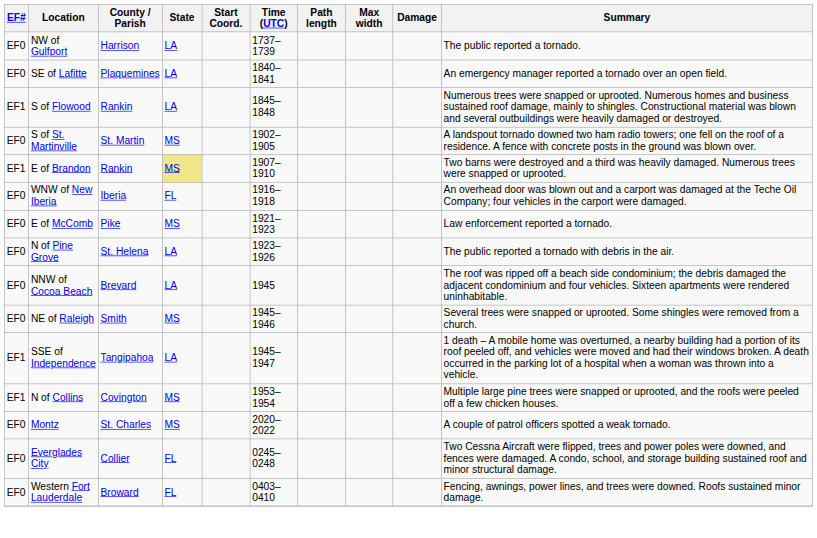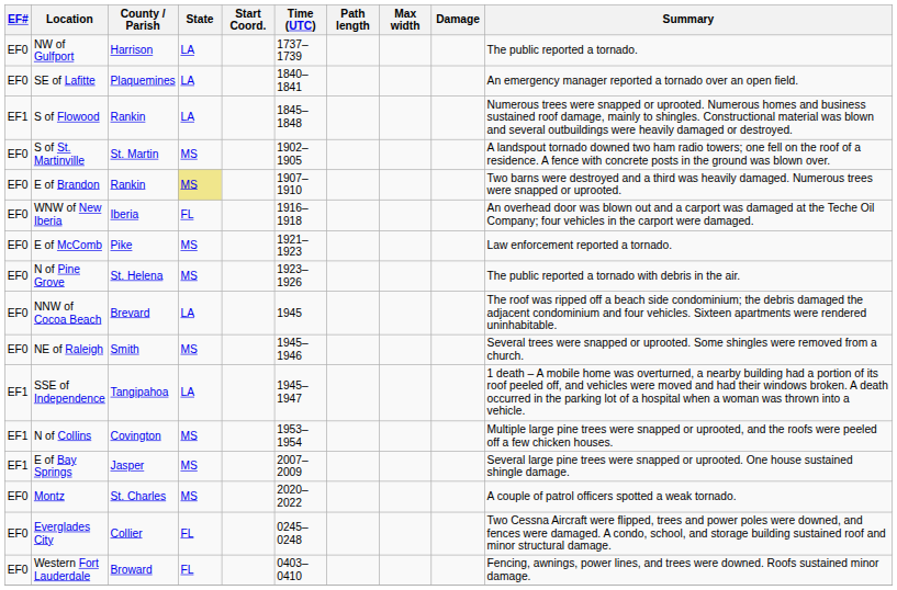 <table class="wikitable sortable" style="width:100%;">
 <tr>
 <th scope="col" width="3%" align="center"><a href='#'>EF#</a></th>
 <th scope="col" width="7%" align="center" class="unsortable">Location</th>
 <th scope="col" width="6%" align="center" class="unsortable">County / Parish</th>
 <th scope="col" width="5%" align="center">State</th>
 <th scope="col" width="6%" align="center">Start Coord.</th>
 <th scope="col" width="6%" align="center">Time (<a href='#'>UTC</a>)</th>
 <th scope="col" width="6%" align="center">Path length</th>
 <th scope="col" width="6%" align="center">Max width</th>
 <th scope="col" width="6%" align="center">Damage</th>
 <th scope="col" width="48%" class="unsortable" align="center">Summary</th>
 </tr>
 <tr>
 <td>EF0</td>
 <td>NW of <a href='#'>Gulfport</a></td>
 <td><a href='#'>Harrison</a></td>
 <td><a href='#'>LA</a></td>
 <td></td>
 <td>1737–1739</td>
 <td></td>
 <td></td>
 <td></td>
 <td>The public reported a tornado.</td>
 </tr>
 <tr>
 <td>EF0</td>
 <td>SE of <a href='#'>Lafitte</a></td>
 <td><a href='#'>Plaquemines</a></td>
 <td><a href='#'>LA</a></td>
 <td></td>
 <td>1840–1841</td>
 <td></td>
 <td></td>
 <td></td>
 <td>An emergency manager reported a tornado over an open field.</td>
 </tr>
 <tr>
 <td>EF1</td>
 <td>S of <a href='#'>Flowood</a></td>
 <td><a href='#'>Rankin</a></td>
 <td><a href='#'>LA</a></td>
 <td></td>
 <td>1845–1848</td>
 <td></td>
 <td></td>
 <td></td>
 <td>Numerous trees were snapped or uprooted. Numerous homes and business sustained roof damage, mainly to shingles. Constructional material was blown and several outbuildings were heavily damaged or destroyed.</td>
 </tr>
 <tr>
 <td>EF0</td>
 <td>S of <a href='#'>St. Martinville</a></td>
 <td><a href='#'>St. Martin</a></td>
 <td><a href='#'>MS</a></td>
 <td></td>
 <td>1902–1905</td>
 <td></td>
 <td></td>
 <td></td>
 <td>A landspout tornado downed two  ham radio towers; one fell on the roof of a residence. A fence with concrete posts in the ground was blown over.</td>
 </tr>
 <tr>
-<td>EF1</td>
+<td>EF0</td>
 <td>E of <a href='#'>Brandon</a></td>
 <td><a href='#'>Rankin</a></td>
 <td style="background: khaki;"><a href='#'>MS</a></td>
 <td></td>
 <td>1907–1910</td>
 <td></td>
 <td></td>
 <td></td>
 <td>Two barns were destroyed and a third was heavily damaged. Numerous trees were snapped or uprooted.</td>
 </tr>
 <tr>
 <td>EF0</td>
 <td>WNW of <a href='#'>New Iberia</a></td>
 <td><a href='#'>Iberia</a></td>
 <td><a href='#'>FL</a></td>
 <td></td>
 <td>1916–1918</td>
 <td></td>
 <td></td>
 <td></td>
 <td>An overhead door was blown out and a carport was damaged at the Teche Oil Company; four vehicles in the carport were damaged.</td>
 </tr>
 <tr>
 <td>EF0</td>
 <td>E of <a href='#'>McComb</a></td>
 <td><a href='#'>Pike</a></td>
 <td><a href='#'>MS</a></td>
 <td></td>
 <td>1921–1923</td>
 <td></td>
 <td></td>
 <td></td>
 <td>Law enforcement reported a tornado.</td>
 </tr>
 <tr>
 <td>EF0</td>
 <td>N of <a href='#'>Pine Grove</a></td>
 <td><a href='#'>St. Helena</a></td>
-<td><a href='#'>LA</a></td>
+<td><a href='#'>MS</a></td>
 <td></td>
 <td>1923–1926</td>
 <td></td>
 <td></td>
 <td></td>
 <td>The public reported a tornado with debris in the air.</td>
 </tr>
 <tr>
 <td>EF0</td>
 <td>NNW of <a href='#'>Cocoa Beach</a></td>
 <td><a href='#'>Brevard</a></td>
 <td><a href='#'>LA</a></td>
 <td></td>
 <td>1945</td>
 <td></td>
 <td></td>
 <td></td>
 <td>The roof was ripped off a beach side condominium; the debris damaged the adjacent condominium and four vehicles. Sixteen apartments were rendered uninhabitable.</td>
 </tr>
 <tr>
 <td>EF0</td>
 <td>NE of <a href='#'>Raleigh</a></td>
 <td><a href='#'>Smith</a></td>
 <td><a href='#'>MS</a></td>
 <td></td>
 <td>1945–1946</td>
 <td></td>
 <td></td>
 <td></td>
 <td>Several trees were snapped or uprooted. Some shingles were removed from a church.</td>
 </tr>
 <tr>
 <td>EF1</td>
 <td>SSE of <a href='#'>Independence</a></td>
 <td><a href='#'>Tangipahoa</a></td>
 <td><a href='#'>LA</a></td>
 <td></td>
 <td>1945–1947</td>
 <td></td>
 <td></td>
 <td></td>
 <td>1 death – A mobile home was overturned, a nearby building had a portion of its roof peeled off, and vehicles were moved and had their windows broken. A death occurred in the parking lot of a hospital when a woman was thrown into a vehicle.</td>
 </tr>
 <tr>
 <td>EF1</td>
 <td>N of <a href='#'>Collins</a></td>
 <td><a href='#'>Covington</a></td>
 <td><a href='#'>MS</a></td>
 <td></td>
 <td>1953–1954</td>
 <td></td>
 <td></td>
 <td></td>
 <td>Multiple large pine trees were snapped or uprooted, and the roofs were peeled off a few chicken houses.</td>
 </tr>
 <tr>
+<td>EF1</td>
+<td>E of <a href='#'>Bay Springs</a></td>
+<td><a href='#'>Jasper</a></td>
+<td><a href='#'>MS</a></td>
+<td></td>
+<td>2007–2009</td>
+<td></td>
+<td></td>
+<td></td>
+<td>Several large pine trees were snapped or uprooted. One house sustained shingle damage.</td>
+</tr>
+<tr>
 <td>EF0</td>
 <td><a href='#'>Montz</a></td>
 <td><a href='#'>St. Charles</a></td>
 <td><a href='#'>MS</a></td>
 <td></td>
 <td>2020–2022</td>
 <td></td>
 <td></td>
 <td></td>
 <td>A couple of patrol officers spotted a weak tornado.</td>
 </tr>
 <tr>
 <td>EF0</td>
 <td><a href='#'>Everglades City</a></td>
 <td><a href='#'>Collier</a></td>
 <td><a href='#'>FL</a></td>
 <td></td>
 <td>0245–0248</td>
 <td></td>
 <td></td>
 <td></td>
 <td>Two Cessna Aircraft were flipped, trees and power poles were downed, and fences were damaged. A condo, school, and storage building sustained roof and minor structural damage.</td>
 </tr>
 <tr>
 <td>EF0</td>
 <td>Western <a href='#'>Fort Lauderdale</a></td>
 <td><a href='#'>Broward</a></td>
 <td><a href='#'>FL</a></td>
 <td></td>
 <td>0403–0410</td>
 <td></td>
 <td></td>
 <td></td>
 <td>Fencing, awnings, power lines, and trees were downed. Roofs sustained minor damage.</td>
 </tr>
 <tr>
 </tr>
 </table>
